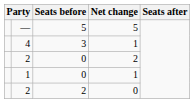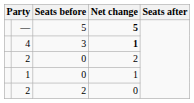 <table class=wikitable style="text-align:right">
 <tr>
 <th colspan="2">Party</th>
 <th>Seats before</th>
 <th>Net change</th>
 <th>Seats after</th>
 </tr>
 <tr>
 <td></td>
 <td>—</td>
 <td> 5</td>
-<td>5</td>
+<td><strong>5</strong></td>
 </tr>
 <tr>
 <td></td>
 <td>4</td>
 <td> 3</td>
-<td>1</td>
+<td><strong>1</strong></td>
 </tr>
 <tr>
 <td></td>
 <td>2</td>
 <td> 0</td>
 <td>2</td>
 </tr>
 <tr>
 <td></td>
 <td>1</td>
 <td> 0</td>
 <td>1</td>
 </tr>
 <tr>
 <td></td>
 <td>2</td>
 <td> 2</td>
 <td>0</td>
 </tr>
 </table>
